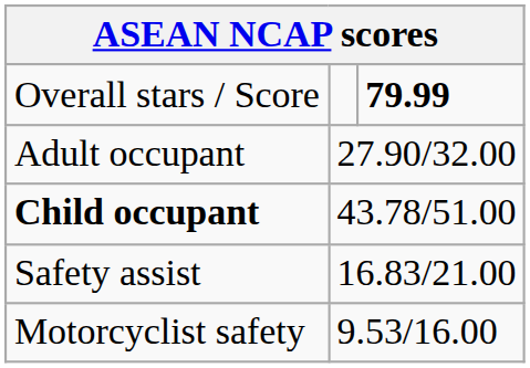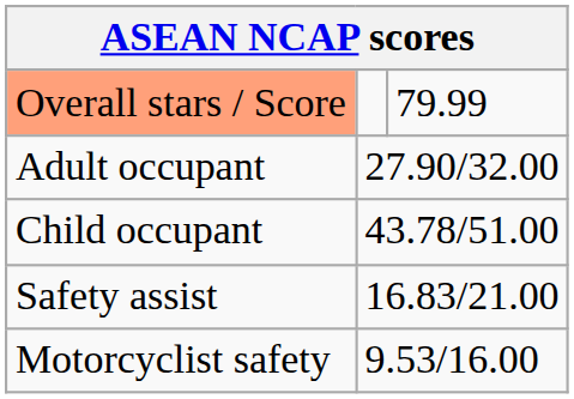 <table class="wikitable">
 <tr>
 <th colspan="3"><a href='#'>ASEAN NCAP</a> scores</th>
 </tr>
 <tr>
-<td>Overall stars / Score</td>
+<td style="background: lightsalmon;">Overall stars / Score</td>
 <td></td>
-<td><strong>79.99</strong></td>
+<td>79.99</td>
 </tr>
 <tr>
 <td>Adult occupant</td>
 <td colspan="2">27.90/32.00</td>
 </tr>
 <tr>
-<td><strong>Child occupant</strong></td>
+<td>Child occupant</td>
 <td colspan="2">43.78/51.00</td>
 </tr>
 <tr>
 <td>Safety assist</td>
 <td colspan="2">16.83/21.00</td>
 </tr>
 <tr>
 <td>Motorcyclist safety</td>
 <td colspan="2">9.53/16.00</td>
 </tr>
 </table>
